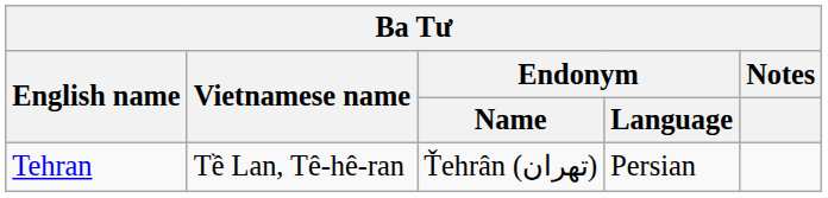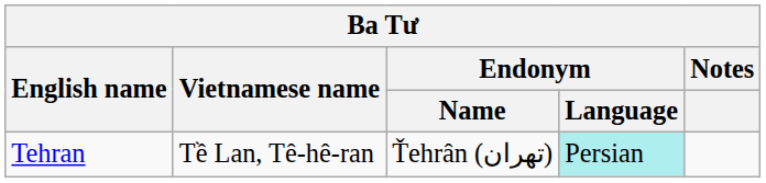 <table class="wikitable sortable">
 <tr>
 <th colspan="5"> Ba Tư</th>
 </tr>
 <tr>
 <th rowspan="2">English name</th>
 <th rowspan="2">Vietnamese name</th>
 <th colspan="2">Endonym</th>
 <th>Notes</th>
 </tr>
 <tr>
 <th>Name</th>
 <th>Language</th>
 <th></th>
 </tr>
 <tr>
 <td><a href='#'>Tehran</a></td>
 <td>Tề Lan, Tê-hê-ran</td>
 <td>Ťehrân (تهران‎)</td>
-<td>Persian</td>
+<td style="background: paleturquoise;">Persian</td>
 </tr>
 </table>
